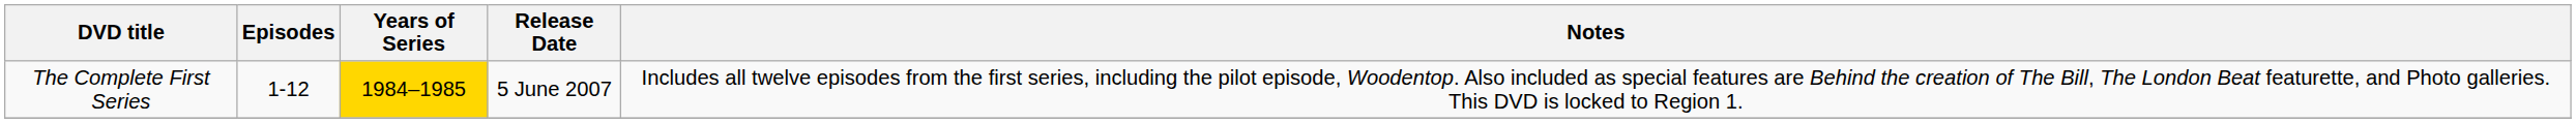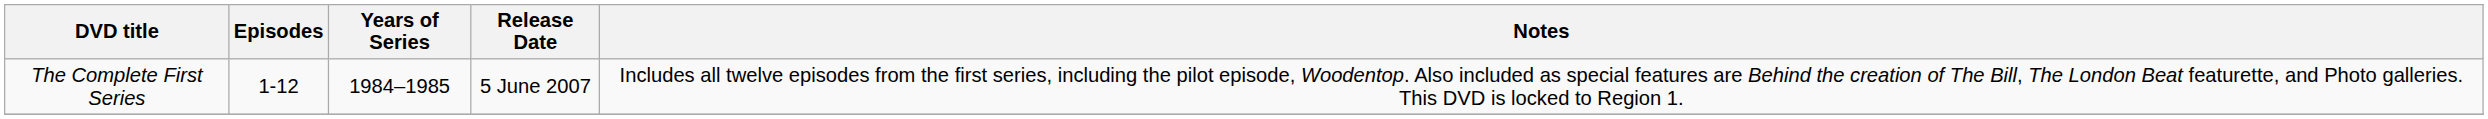 <table class="wikitable">
 <tr>
 <th>DVD title</th>
 <th>Episodes</th>
 <th>Years of Series</th>
 <th>Release Date</th>
 <th>Notes</th>
 </tr>
 <tr>
 <td style="text-align:center;"><em>The Complete First Series</em></td>
 <td style="text-align:center;">1-12</td>
-<td style="background: gold; text-align:center;">1984–1985</td>
+<td style="text-align:center;">1984–1985</td>
 <td style="text-align:center;">5 June 2007</td>
 <td style="text-align:center;">Includes all twelve episodes from the first series, including the pilot episode, <em>Woodentop</em>. Also included as special features are <em>Behind the creation of The Bill</em>, <em>The London Beat</em> featurette, and Photo galleries. This DVD is locked to Region 1.</td>
 </tr>
 <tr>
 </tr>
 </table>
